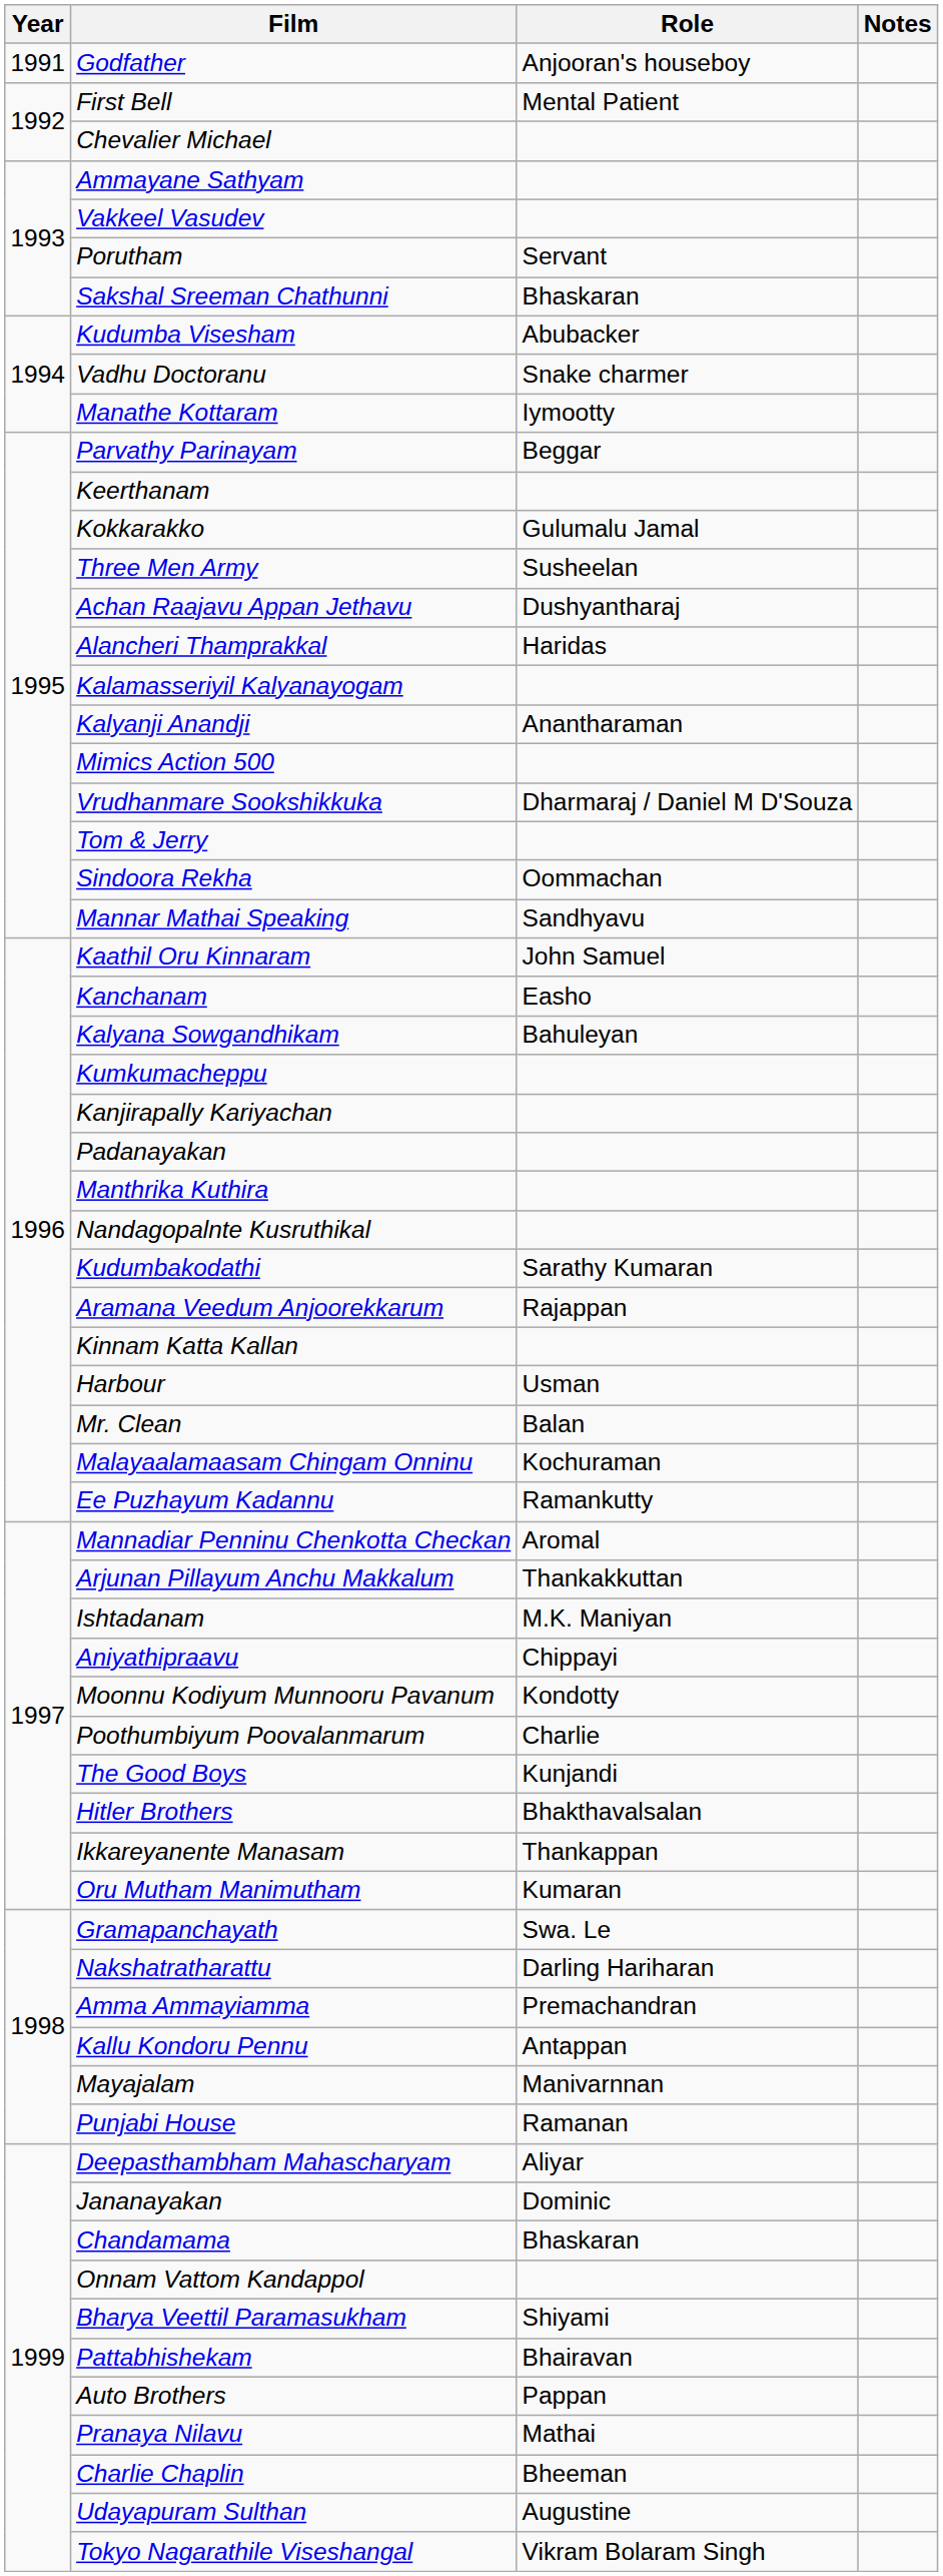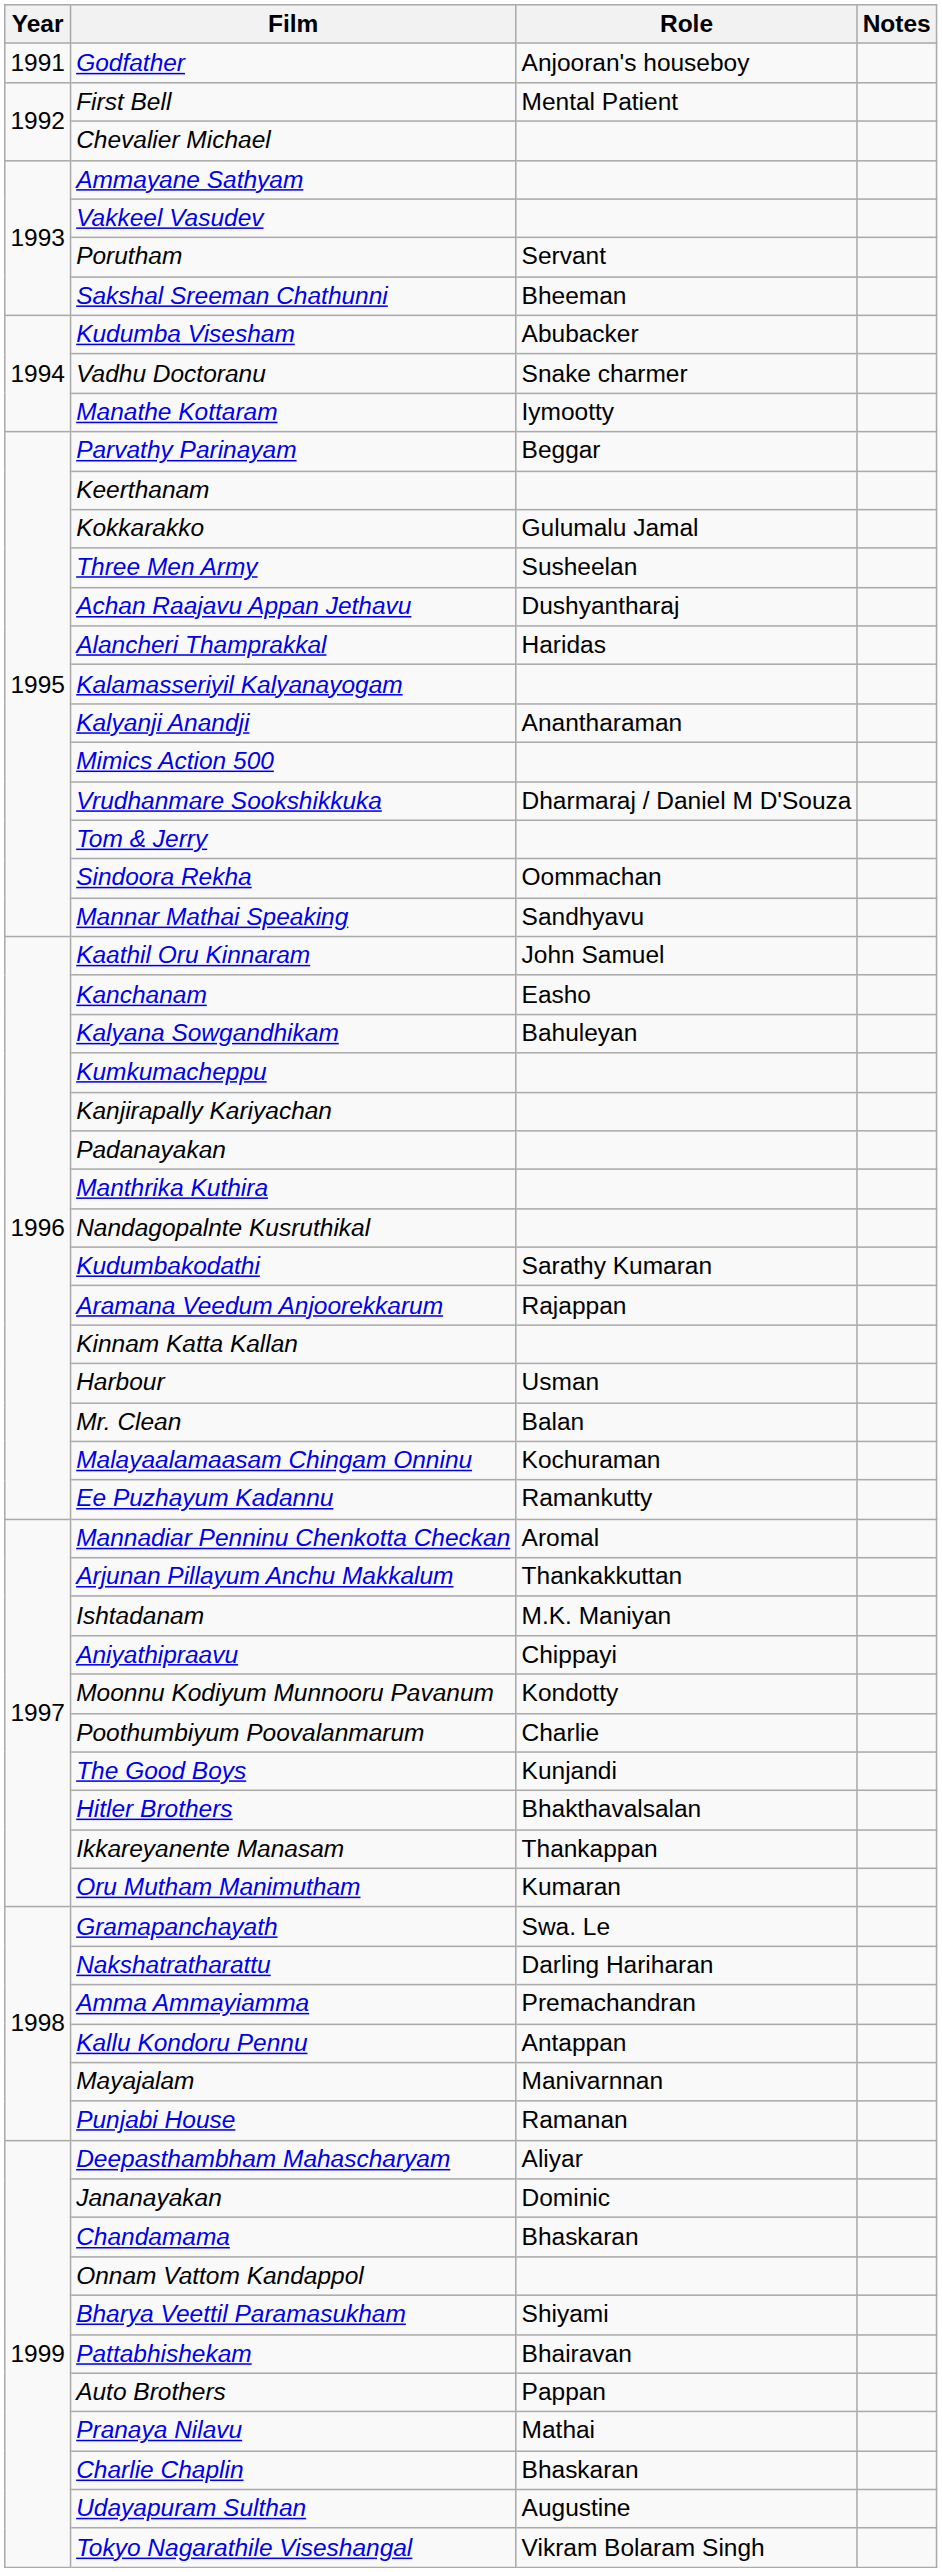 <table class="wikitable">
 <tr>
 <th>Year</th>
 <th>Film</th>
 <th>Role</th>
 <th>Notes</th>
 </tr>
 <tr>
 <td>1991</td>
 <td><a href='#'><em>Godfather</em></a></td>
 <td>Anjooran's houseboy</td>
 <td></td>
 </tr>
 <tr>
 <td rowspan="2">1992</td>
 <td><em>First Bell</em></td>
 <td>Mental Patient</td>
 <td></td>
 </tr>
 <tr>
 <td><em>Chevalier Michael</em></td>
 <td></td>
 <td></td>
 </tr>
 <tr>
 <td rowspan="4">1993</td>
 <td><em><a href='#'>Ammayane Sathyam</a></em></td>
 <td></td>
 <td></td>
 </tr>
 <tr>
 <td><em><a href='#'>Vakkeel Vasudev</a></em></td>
 <td></td>
 <td></td>
 </tr>
 <tr>
 <td><em>Porutham</em></td>
 <td>Servant</td>
 <td></td>
 </tr>
 <tr>
 <td><em><a href='#'>Sakshal Sreeman Chathunni</a></em></td>
-<td>Bhaskaran</td>
+<td>Bheeman</td>
 <td></td>
 </tr>
 <tr>
 <td rowspan="3">1994</td>
 <td><a href='#'><em>Kudumba Visesham</em></a></td>
 <td>Abubacker</td>
 <td></td>
 </tr>
 <tr>
 <td><em>Vadhu Doctoranu</em></td>
 <td>Snake charmer</td>
 <td></td>
 </tr>
 <tr>
 <td><em><a href='#'>Manathe Kottaram</a></em></td>
 <td>Iymootty</td>
 <td></td>
 </tr>
 <tr>
 <td rowspan="13">1995</td>
 <td><em><a href='#'>Parvathy Parinayam</a></em></td>
 <td>Beggar</td>
 <td></td>
 </tr>
 <tr>
 <td><em>Keerthanam</em></td>
 <td></td>
 <td></td>
 </tr>
 <tr>
 <td><em>Kokkarakko</em></td>
 <td>Gulumalu Jamal</td>
 <td></td>
 </tr>
 <tr>
 <td><em><a href='#'>Three Men Army</a></em></td>
 <td>Susheelan</td>
 <td></td>
 </tr>
 <tr>
 <td><a href='#'><em>Achan Raajavu Appan Jethavu</em></a></td>
 <td>Dushyantharaj</td>
 <td></td>
 </tr>
 <tr>
 <td><em><a href='#'>Alancheri Thamprakkal</a></em></td>
 <td>Haridas</td>
 <td></td>
 </tr>
 <tr>
 <td><em><a href='#'>Kalamasseriyil Kalyanayogam</a></em></td>
 <td></td>
 <td></td>
 </tr>
 <tr>
 <td><a href='#'><em>Kalyanji Anandji</em></a></td>
 <td>Anantharaman</td>
 <td></td>
 </tr>
 <tr>
 <td><em><a href='#'>Mimics Action 500</a></em></td>
 <td></td>
 <td></td>
 </tr>
 <tr>
 <td><em><a href='#'>Vrudhanmare Sookshikkuka</a></em></td>
 <td>Dharmaraj / Daniel M D'Souza</td>
 <td></td>
 </tr>
 <tr>
 <td><a href='#'><em>Tom & Jerry</em></a></td>
 <td></td>
 <td></td>
 </tr>
 <tr>
 <td><em><a href='#'>Sindoora Rekha</a></em></td>
 <td>Oommachan</td>
 <td></td>
 </tr>
 <tr>
 <td><em><a href='#'>Mannar Mathai Speaking</a></em></td>
 <td>Sandhyavu</td>
 <td></td>
 </tr>
 <tr>
 <td rowspan="15">1996</td>
 <td><em><a href='#'>Kaathil Oru Kinnaram</a></em></td>
 <td>John Samuel</td>
 <td></td>
 </tr>
 <tr>
 <td><em><a href='#'>Kanchanam</a></em></td>
 <td>Easho</td>
 <td></td>
 </tr>
 <tr>
 <td><a href='#'><em>Kalyana Sowgandhikam</em></a></td>
 <td>Bahuleyan</td>
 <td></td>
 </tr>
 <tr>
 <td><em><a href='#'>Kumkumacheppu</a></em></td>
 <td></td>
 <td></td>
 </tr>
 <tr>
 <td><em>Kanjirapally Kariyachan</em></td>
 <td></td>
 <td></td>
 </tr>
 <tr>
 <td><em>Padanayakan</em></td>
 <td></td>
 <td></td>
 </tr>
 <tr>
 <td><em><a href='#'>Manthrika Kuthira</a></em></td>
 <td></td>
 <td></td>
 </tr>
 <tr>
 <td><em>Nandagopalnte Kusruthikal</em></td>
 <td></td>
 <td></td>
 </tr>
 <tr>
 <td><em><a href='#'>Kudumbakodathi</a></em></td>
 <td>Sarathy Kumaran</td>
 <td></td>
 </tr>
 <tr>
 <td><em><a href='#'>Aramana Veedum Anjoorekkarum</a></em></td>
 <td>Rajappan</td>
 <td></td>
 </tr>
 <tr>
 <td><em>Kinnam Katta Kallan</em></td>
 <td></td>
 <td></td>
 </tr>
 <tr>
 <td><em>Harbour</em></td>
 <td>Usman</td>
 <td></td>
 </tr>
 <tr>
 <td><em>Mr. Clean</em></td>
 <td>Balan</td>
 <td></td>
 </tr>
 <tr>
 <td><em><a href='#'>Malayaalamaasam Chingam Onninu</a></em></td>
 <td>Kochuraman</td>
 <td></td>
 </tr>
 <tr>
 <td><em><a href='#'>Ee Puzhayum Kadannu</a></em></td>
 <td>Ramankutty</td>
 <td></td>
 </tr>
 <tr>
 <td rowspan="10">1997</td>
 <td><em><a href='#'>Mannadiar Penninu Chenkotta Checkan</a></em></td>
 <td>Aromal</td>
 <td></td>
 </tr>
 <tr>
 <td><em><a href='#'>Arjunan Pillayum Anchu Makkalum</a></em></td>
 <td>Thankakkuttan</td>
 <td></td>
 </tr>
 <tr>
 <td><em>Ishtadanam</em></td>
 <td>M.K. Maniyan</td>
 <td></td>
 </tr>
 <tr>
 <td><em><a href='#'>Aniyathipraavu</a></em></td>
 <td>Chippayi</td>
 <td></td>
 </tr>
 <tr>
 <td><em>Moonnu Kodiyum Munnooru Pavanum</em></td>
 <td>Kondotty</td>
 <td></td>
 </tr>
 <tr>
 <td><em>Poothumbiyum Poovalanmarum</em></td>
 <td>Charlie</td>
 <td></td>
 </tr>
 <tr>
 <td><em><a href='#'>The Good Boys</a></em></td>
 <td>Kunjandi</td>
 <td></td>
 </tr>
 <tr>
 <td><em><a href='#'>Hitler Brothers</a></em></td>
 <td>Bhakthavalsalan</td>
 <td></td>
 </tr>
 <tr>
 <td><em>Ikkareyanente Manasam</em></td>
 <td>Thankappan</td>
 <td></td>
 </tr>
 <tr>
 <td><em><a href='#'>Oru Mutham Manimutham</a></em></td>
 <td>Kumaran</td>
 <td></td>
 </tr>
 <tr>
 <td rowspan="6">1998</td>
 <td><a href='#'><em>Gramapanchayath</em></a></td>
 <td>Swa. Le</td>
 <td></td>
 </tr>
 <tr>
 <td><em><a href='#'>Nakshatratharattu</a></em></td>
 <td>Darling Hariharan</td>
 <td></td>
 </tr>
 <tr>
 <td><em><a href='#'>Amma Ammayiamma</a></em></td>
 <td>Premachandran</td>
 <td></td>
 </tr>
 <tr>
 <td><em><a href='#'>Kallu Kondoru Pennu</a></em></td>
 <td>Antappan</td>
 <td></td>
 </tr>
 <tr>
 <td><em>Mayajalam</em></td>
 <td>Manivarnnan</td>
 <td></td>
 </tr>
 <tr>
 <td><em><a href='#'>Punjabi House</a></em></td>
 <td>Ramanan</td>
 <td></td>
 </tr>
 <tr>
 <td rowspan="11">1999</td>
 <td><em><a href='#'>Deepasthambham Mahascharyam</a></em></td>
 <td>Aliyar</td>
 <td></td>
 </tr>
 <tr>
 <td><em>Jananayakan</em></td>
 <td>Dominic</td>
 <td></td>
 </tr>
 <tr>
 <td><a href='#'><em>Chandamama</em></a></td>
 <td>Bhaskaran</td>
 <td></td>
 </tr>
 <tr>
 <td><em>Onnam Vattom Kandappol</em></td>
 <td></td>
 <td></td>
 </tr>
 <tr>
 <td><em><a href='#'>Bharya Veettil Paramasukham</a></em></td>
 <td>Shiyami</td>
 <td></td>
 </tr>
 <tr>
 <td><em><a href='#'>Pattabhishekam</a></em></td>
 <td>Bhairavan</td>
 <td></td>
 </tr>
 <tr>
 <td><em>Auto Brothers</em></td>
 <td>Pappan</td>
 <td></td>
 </tr>
 <tr>
 <td><em><a href='#'>Pranaya Nilavu</a></em></td>
 <td>Mathai</td>
 <td></td>
 </tr>
 <tr>
 <td><a href='#'><em>Charlie Chaplin</em></a></td>
-<td>Bheeman</td>
+<td>Bhaskaran</td>
 <td></td>
 </tr>
 <tr>
 <td><em><a href='#'>Udayapuram Sulthan</a></em></td>
 <td>Augustine</td>
 <td></td>
 </tr>
 <tr>
 <td><em><a href='#'>Tokyo Nagarathile Viseshangal</a></em></td>
 <td>Vikram Bolaram Singh</td>
 <td></td>
 </tr>
 </table>
